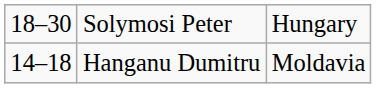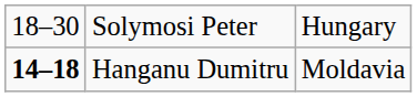 <table class="wikitable">
 <tr>
 <td>18–30</td>
 <td>Solymosi Peter</td>
 <td>Hungary</td>
 </tr>
 <tr>
-<td>14–18</td>
+<td><strong>14–18</strong></td>
 <td>Hanganu Dumitru</td>
 <td>Moldavia</td>
 </tr>
 </table>
